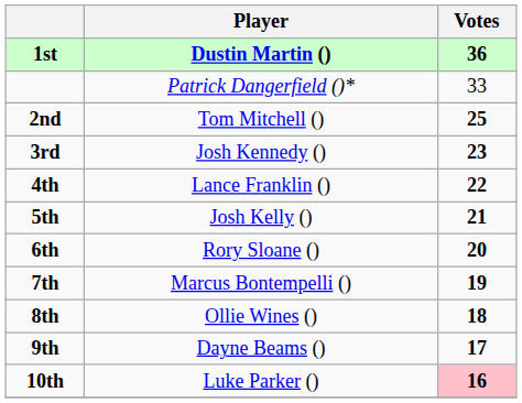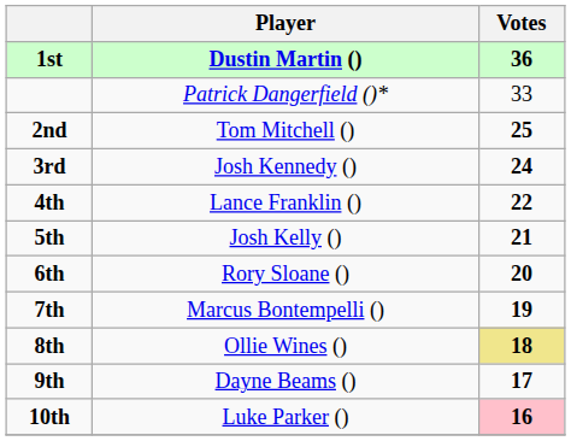 <table class="wikitable" style="margin:1em auto; text-align: center; font-size: 90%;">
 <tr>
 <th style="width:50px;"></th>
 <th style="width:250px;">Player</th>
 <th style="width:50px;">Votes</th>
 </tr>
 <tr style="background:#cfc;">
 <td><strong>1st</strong></td>
 <td><strong><a href='#'>Dustin Martin</a></strong> <strong>()</strong></td>
 <td><strong>36</strong></td>
 </tr>
 <tr>
 <td></td>
 <td><em><a href='#'>Patrick Dangerfield</a> ()*</em></td>
 <td>33</td>
 </tr>
 <tr>
 <td><strong>2nd</strong></td>
 <td><a href='#'>Tom Mitchell</a> ()</td>
 <td><strong>25</strong></td>
 </tr>
 <tr>
 <td><strong>3rd</strong></td>
 <td><a href='#'>Josh Kennedy</a> ()</td>
-<td><strong>23</strong></td>
+<td><strong>24</strong></td>
 </tr>
 <tr>
 <td><strong>4th</strong></td>
 <td><a href='#'>Lance Franklin</a> ()</td>
 <td><strong>22</strong></td>
 </tr>
 <tr>
 <td><strong>5th</strong></td>
 <td><a href='#'>Josh Kelly</a> ()</td>
 <td><strong>21</strong></td>
 </tr>
 <tr>
 <td><strong>6th</strong></td>
 <td><a href='#'>Rory Sloane</a> ()</td>
 <td><strong>20</strong></td>
 </tr>
 <tr>
 <td><strong>7th</strong></td>
 <td><a href='#'>Marcus Bontempelli</a> ()</td>
 <td><strong>19</strong></td>
 </tr>
 <tr>
 <td><strong>8th</strong></td>
 <td><a href='#'>Ollie Wines</a> ()</td>
-<td><strong>18</strong></td>
+<td style="background: khaki;"><strong>18</strong></td>
 </tr>
 <tr>
 <td><strong>9th</strong></td>
 <td><a href='#'>Dayne Beams</a> ()</td>
 <td><strong>17</strong></td>
 </tr>
 <tr>
 <td><strong>10th</strong></td>
 <td><a href='#'>Luke Parker</a> ()</td>
 <td style="background: pink;"><strong>16</strong></td>
 </tr>
 <tr>
 </tr>
 </table>
